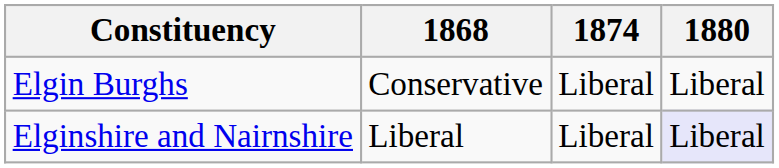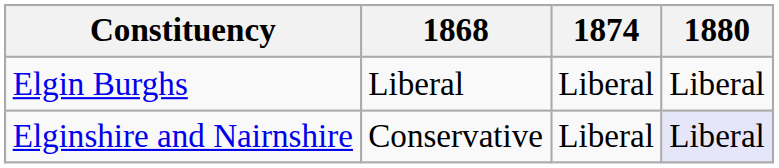 <table class="wikitable">
 <tr>
 <th>Constituency</th>
 <th>1868</th>
 <th>1874</th>
 <th>1880</th>
 </tr>
 <tr>
 <td><a href='#'>Elgin Burghs</a></td>
-<td>Conservative</td>
+<td>Liberal</td>
 <td>Liberal</td>
 <td>Liberal</td>
 </tr>
 <tr>
 <td><a href='#'>Elginshire and Nairnshire</a></td>
-<td>Liberal</td>
+<td>Conservative</td>
 <td>Liberal</td>
 <td style="background: lavender;">Liberal</td>
 </tr>
 </table>
